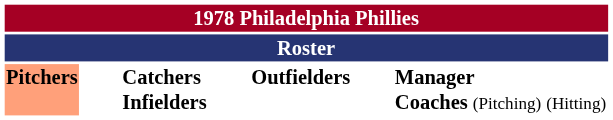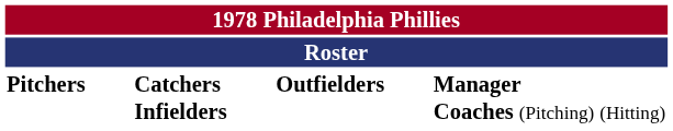 <table class="toccolours" style="font-size: 95%;">
 <tr>
 <th colspan="10" style="background-color: #A50024; color: white; text-align: center;">1978 Philadelphia Phillies</th>
 </tr>
 <tr>
 <td colspan="10" style="background-color: #263473; color: white; text-align: center;"><strong>Roster</strong></td>
 </tr>
 <tr>
-<td valign="top" style="background: lightsalmon;"><strong>Pitchers</strong><br>              </td>
+<td valign="top"><strong>Pitchers</strong><br>              </td>
 <td width="25px"></td>
 <td valign="top"><strong>Catchers</strong><br>    <strong>Infielders</strong>           </td>
 <td width="25px"></td>
 <td valign="top"><strong>Outfielders</strong><br>      </td>
 <td width="25px"></td>
 <td valign="top"><strong>Manager</strong><br> <strong>Coaches</strong>    <small>(Pitching)</small>  <small>(Hitting)</small> </td>
 </tr>
 <tr>
 </tr>
 </table>
